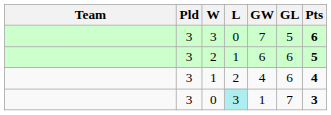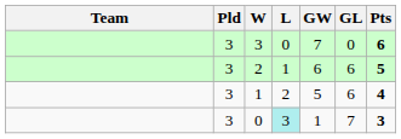 <table class="wikitable" style="text-align:center">
 <tr>
 <th width=200>Team</th>
 <th width=20>Pld</th>
 <th width=20>W</th>
 <th width=20>L</th>
 <th width=20>GW</th>
 <th width=20>GL</th>
 <th width=20>Pts</th>
 </tr>
 <tr bgcolor=ccffcc>
 <td style="text-align:left;"></td>
 <td>3</td>
 <td>3</td>
 <td>0</td>
 <td>7</td>
-<td>5</td>
+<td>0</td>
 <td><strong>6</strong></td>
 </tr>
 <tr bgcolor=ccffcc>
 <td style="text-align:left;"></td>
 <td>3</td>
 <td>2</td>
 <td>1</td>
 <td>6</td>
 <td>6</td>
 <td><strong>5</strong></td>
 </tr>
 <tr>
 <td style="text-align:left;"></td>
 <td>3</td>
 <td>1</td>
 <td>2</td>
-<td>4</td>
+<td>5</td>
 <td>6</td>
 <td><strong>4</strong></td>
 </tr>
 <tr>
 <td style="text-align:left;"></td>
 <td>3</td>
 <td>0</td>
 <td style="background: paleturquoise;">3</td>
 <td>1</td>
 <td>7</td>
 <td><strong>3</strong></td>
 </tr>
 </table>
